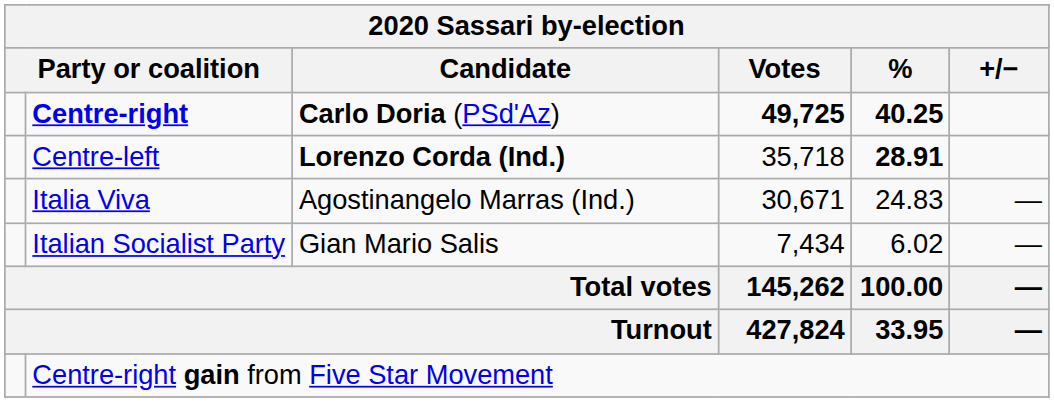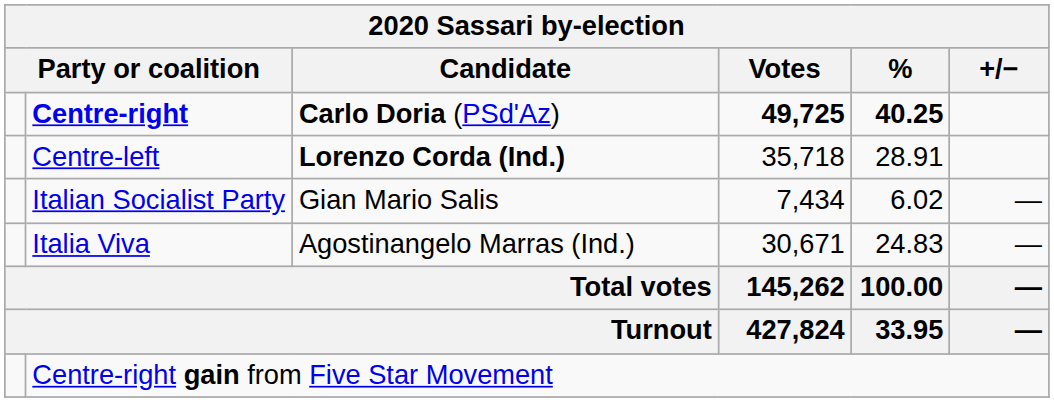 <table class = "wikitable" style="font-size:99%;">
 <tr>
 <td colspan=6 style = "background-color:#F2F2F2; text-align:center;"><strong>2020 Sassari by-election</strong></td>
 </tr>
 <tr>
 <th style = "width: 160px;" colspan=2>Party or coalition</th>
 <th style = "width: 240px;">Candidate</th>
 <th style = "width: 70px;">Votes</th>
 <th style = "width: 50px;">%</th>
 <th style = "width: 50px;">+/−</th>
 </tr>
 <tr>
 <td style="background-color:"></td>
 <td><strong><a href='#'>Centre-right</a></strong></td>
 <td><strong>Carlo Doria</strong> (<a href='#'>PSd'Az</a>)</td>
 <td style="text-align:right;"><strong>49,725</strong></td>
 <td style="text-align:right;"><strong>40.25</strong></td>
 <td style="text-align:right;"></td>
 </tr>
 <tr>
 <td style="width: 5px;background-color:"></td>
 <td><a href='#'>Centre-left</a></td>
 <td><strong>Lorenzo Corda (Ind.)</strong></td>
 <td style = "text-align:right;">35,718</td>
-<td style = "text-align:right;"><strong>28.91</strong></td>
+<td style = "text-align:right;">28.91</td>
 <td style = "text-align:right;"></td>
+</tr>
+<tr>
+<td style="background-color:"></td>
+<td><a href='#'>Italian Socialist Party</a></td>
+<td>Gian Mario Salis</td>
+<td style="text-align:right;">7,434</td>
+<td style="text-align:right;">6.02</td>
+<td style="text-align:right;">—</td>
 </tr>
 <tr>
 <td style="background-color:"></td>
 <td><a href='#'>Italia Viva</a></td>
 <td>Agostinangelo Marras (Ind.)</td>
 <td style="text-align:right;">30,671</td>
 <td style="text-align:right;">24.83</td>
-<td style="text-align:right;">—</td>
-</tr>
-<tr>
-<td style="background-color:"></td>
-<td><a href='#'>Italian Socialist Party</a></td>
-<td>Gian Mario Salis</td>
-<td style="text-align:right;">7,434</td>
-<td style="text-align:right;">6.02</td>
 <td style="text-align:right;">—</td>
 </tr>
 <tr>
 <td colspan=3 style = "background-color:#F2F2F2; text-align:right;"><strong>Total votes</strong></td>
 <td style = "background-color:#F2F2F2; text-align:right;"><strong>145,262</strong></td>
 <td style = "background-color:#F2F2F2; text-align:right;"><strong>100.00</strong></td>
 <td style = "background-color:#F2F2F2; text-align:right;"><strong>—</strong></td>
 </tr>
 <tr>
 <td colspan=3 style = "background-color:#F2F2F2; text-align:right;"><strong>Turnout</strong></td>
 <td style = "background-color:#F2F2F2; text-align:right;"><strong>427,824</strong></td>
 <td style = "background-color:#F2F2F2; text-align:right;"><strong>33.95</strong></td>
 <td style = "background-color:#F2F2F2; text-align:right;"><strong>—</strong></td>
 </tr>
 <tr>
 <td style="background-color:"></td>
 <td colspan=5 style = "text-align:left;"><a href='#'>Centre-right</a> <strong>gain</strong> from <a href='#'>Five Star Movement</a></td>
 </tr>
 </table>
